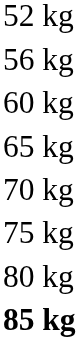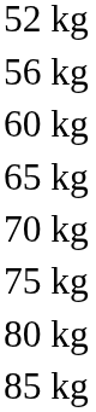 <table>
 <tr>
 <td rowspan=2>52 kg</td>
 <td rowspan=2></td>
 <td rowspan=2></td>
 <td></td>
 </tr>
 <tr>
 <td></td>
 </tr>
 <tr>
 <td rowspan=2>56 kg</td>
 <td rowspan=2></td>
 <td rowspan=2></td>
 <td></td>
 </tr>
 <tr>
 <td></td>
 </tr>
 <tr>
 <td rowspan=2>60 kg</td>
 <td rowspan=2></td>
 <td rowspan=2></td>
 <td></td>
 </tr>
 <tr>
 <td></td>
 </tr>
 <tr>
 <td rowspan=2>65 kg</td>
 <td rowspan=2></td>
 <td rowspan=2></td>
 <td></td>
 </tr>
 <tr>
 <td></td>
 </tr>
 <tr>
 <td rowspan=2>70 kg</td>
 <td rowspan=2></td>
 <td rowspan=2></td>
 <td></td>
 </tr>
 <tr>
 <td></td>
 </tr>
 <tr>
 <td rowspan=2>75 kg</td>
 <td rowspan=2></td>
 <td rowspan=2></td>
 <td></td>
 </tr>
 <tr>
 <td></td>
 </tr>
 <tr>
 <td rowspan=2>80 kg</td>
 <td rowspan=2></td>
 <td rowspan=2></td>
 <td></td>
 </tr>
 <tr>
 <td></td>
 </tr>
 <tr>
-<td><strong>85 kg</strong></td>
+<td>85 kg</td>
 <td></td>
 <td></td>
 <td></td>
 </tr>
 </table>
